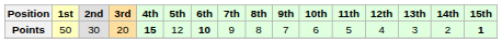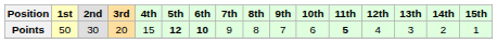 <table class="wikitable" style="font-size:85%; text-align:center">
 <tr>
 <th>Position</th>
 <td style="background:#ffffbf;"> <strong>1st</strong> </td>
 <td style="background:#dfdfdf;"> <strong>2nd</strong> </td>
 <td style="background:#ffdf9f;"> <strong>3rd</strong> </td>
 <td style="background:#dfffdf;"> <strong>4th</strong> </td>
 <td style="background:#dfffdf;"> <strong>5th</strong> </td>
 <td style="background:#dfffdf;"> <strong>6th</strong> </td>
 <td style="background:#dfffdf;"> <strong>7th</strong> </td>
 <td style="background:#dfffdf;"> <strong>8th</strong> </td>
 <td style="background:#dfffdf;"> <strong>9th</strong> </td>
 <td style="background:#dfffdf;"> <strong>10th</strong> </td>
 <td style="background:#dfffdf;"> <strong>11th</strong> </td>
 <td style="background:#dfffdf;"> <strong>12th</strong> </td>
 <td style="background:#dfffdf;"> <strong>13th</strong> </td>
 <td style="background:#dfffdf;"> <strong>14th</strong> </td>
 <td style="background:#dfffdf;"> <strong>15th</strong> </td>
 </tr>
 <tr>
 <th>Points</th>
 <td style="background:#ffffbf;">50</td>
 <td style="background:#dfdfdf;">30</td>
 <td style="background:#ffdf9f;">20</td>
-<td style="background:#dfffdf;"><strong>15</strong></td>
-<td style="background:#dfffdf;">12</td>
+<td style="background:#dfffdf;">15</td>
+<td style="background:#dfffdf;"><strong>12</strong></td>
 <td style="background:#dfffdf;"><strong>10</strong></td>
 <td style="background:#dfffdf;">9</td>
 <td style="background:#dfffdf;">8</td>
 <td style="background:#dfffdf;">7</td>
 <td style="background:#dfffdf;">6</td>
-<td style="background:#dfffdf;">5</td>
+<td style="background:#dfffdf;"><strong>5</strong></td>
 <td style="background:#dfffdf;">4</td>
 <td style="background:#dfffdf;">3</td>
 <td style="background:#dfffdf;">2</td>
-<td style="background:#dfffdf;"><strong>1</strong></td>
+<td style="background:#dfffdf;">1</td>
 </tr>
 <tr>
 </tr>
 </table>
